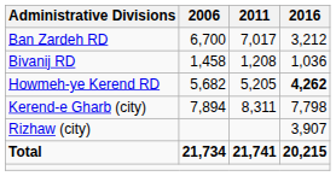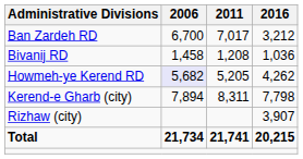 <table class="wikitable">
 <tr>
 <th>Administrative Divisions</th>
 <th>2006</th>
 <th>2011</th>
 <th>2016</th>
 </tr>
 <tr>
 <td><a href='#'>Ban Zardeh RD</a></td>
 <td style="text-align: right;">6,700</td>
 <td style="text-align: right;">7,017</td>
 <td style="text-align: right;">3,212</td>
 </tr>
 <tr>
 <td><a href='#'>Bivanij RD</a></td>
 <td style="text-align: right;">1,458</td>
 <td style="text-align: right;">1,208</td>
 <td style="text-align: right;">1,036</td>
 </tr>
 <tr>
 <td><a href='#'>Howmeh-ye Kerend RD</a></td>
-<td style="text-align: right;">5,682</td>
+<td style="background: lavender; text-align: right;">5,682</td>
 <td style="text-align: right;">5,205</td>
-<td style="text-align: right;"><strong>4,262</strong></td>
+<td style="text-align: right;">4,262</td>
 </tr>
 <tr>
 <td><a href='#'>Kerend-e Gharb</a> (city)</td>
 <td style="text-align: right;">7,894</td>
 <td style="text-align: right;">8,311</td>
 <td style="text-align: right;">7,798</td>
 </tr>
 <tr>
 <td><a href='#'>Rizhaw</a> (city)</td>
 <td style="text-align: right;"></td>
 <td style="text-align: right;"></td>
 <td style="text-align: right;">3,907</td>
 </tr>
 <tr>
 <td><strong>Total</strong></td>
 <td style="text-align: right;"><strong>21,734</strong></td>
 <td style="text-align: right;"><strong>21,741</strong></td>
 <td style="text-align: right;"><strong>20,215</strong></td>
 </tr>
 <tr>
 <td colspan=4></td>
 </tr>
 </table>
